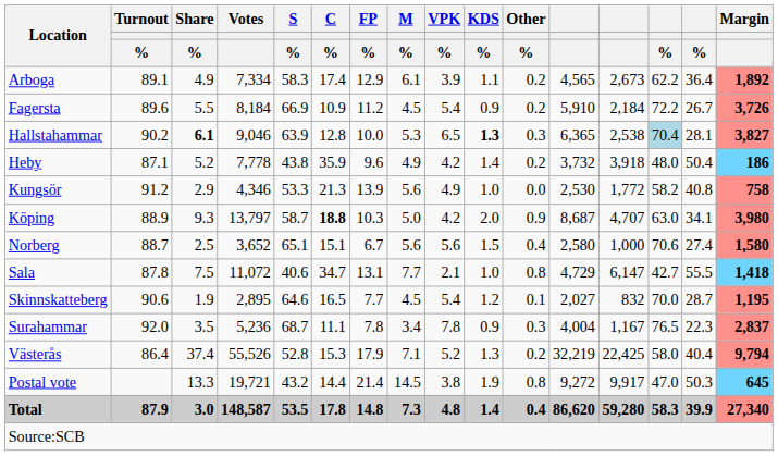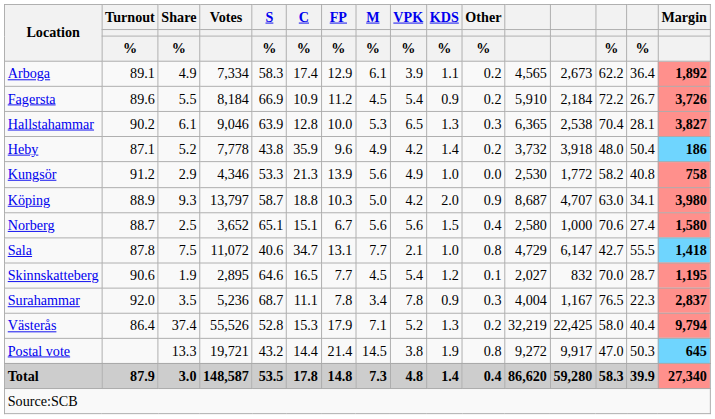 <table class="wikitable sortable" style="text-align:right; font-size:95%; line-height:20px;">
 <tr>
 <th rowspan="3">Location</th>
 <th>Turnout</th>
 <th>Share</th>
 <th>Votes</th>
 <th width="30px" class="unsortable"><a href='#'>S</a></th>
 <th width="30px" class="unsortable"><a href='#'>C</a></th>
 <th width="30px" class="unsortable"><a href='#'>FP</a></th>
 <th width="30px" class="unsortable"><a href='#'>M</a></th>
 <th width="30px" class="unsortable"><a href='#'>VPK</a></th>
 <th width="30px" class="unsortable"><a href='#'>KDS</a></th>
 <th width="30px" class="unsortable">Other</th>
 <th></th>
 <th></th>
 <th></th>
 <th></th>
 <th>Margin</th>
 </tr>
 <tr>
 <th></th>
 <th></th>
 <th></th>
 <th style="background:"></th>
 <th style="background:"></th>
 <th style="background:"></th>
 <th style="background:"></th>
 <th style="background:"></th>
 <th style="background:"></th>
 <th style="background:"></th>
 <th style="background:"></th>
 <th style="background:"></th>
 <th style="background:"></th>
 <th style="background:"></th>
 <th></th>
 </tr>
 <tr>
 <th data-sort-type="number">%</th>
 <th data-sort-type="number">%</th>
 <th></th>
 <th data-sort-type="number">%</th>
 <th data-sort-type="number">%</th>
 <th data-sort-type="number">%</th>
 <th data-sort-type="number">%</th>
 <th data-sort-type="number">%</th>
 <th data-sort-type="number">%</th>
 <th data-sort-type="number">%</th>
 <th data-sort-type="number"></th>
 <th data-sort-type="number"></th>
 <th data-sort-type="number">%</th>
 <th data-sort-type="number">%</th>
 <th data-sort-type="number"></th>
 </tr>
 <tr>
 <td align=left><a href='#'>Arboga</a></td>
 <td>89.1</td>
 <td>4.9</td>
 <td>7,334</td>
 <td>58.3</td>
 <td>17.4</td>
 <td>12.9</td>
 <td>6.1</td>
 <td>3.9</td>
 <td>1.1</td>
 <td>0.2</td>
 <td>4,565</td>
 <td>2,673</td>
 <td>62.2</td>
 <td>36.4</td>
 <td bgcolor=#ff908c><strong>1,892</strong></td>
 </tr>
 <tr>
 <td align=left><a href='#'>Fagersta</a></td>
 <td>89.6</td>
 <td>5.5</td>
 <td>8,184</td>
 <td>66.9</td>
 <td>10.9</td>
 <td>11.2</td>
 <td>4.5</td>
 <td>5.4</td>
 <td>0.9</td>
 <td>0.2</td>
 <td>5,910</td>
 <td>2,184</td>
 <td>72.2</td>
 <td>26.7</td>
 <td bgcolor=#ff908c><strong>3,726</strong></td>
 </tr>
 <tr>
 <td align=left><a href='#'>Hallstahammar</a></td>
 <td>90.2</td>
-<td><strong>6.1</strong></td>
+<td>6.1</td>
 <td>9,046</td>
 <td>63.9</td>
 <td>12.8</td>
 <td>10.0</td>
 <td>5.3</td>
 <td>6.5</td>
-<td><strong>1.3</strong></td>
+<td>1.3</td>
 <td>0.3</td>
 <td>6,365</td>
 <td>2,538</td>
-<td style="background: lightblue;">70.4</td>
+<td>70.4</td>
 <td>28.1</td>
 <td bgcolor=#ff908c><strong>3,827</strong></td>
 </tr>
 <tr>
 <td align=left><a href='#'>Heby</a></td>
 <td>87.1</td>
 <td>5.2</td>
 <td>7,778</td>
 <td>43.8</td>
 <td>35.9</td>
 <td>9.6</td>
 <td>4.9</td>
 <td>4.2</td>
 <td>1.4</td>
 <td>0.2</td>
 <td>3,732</td>
 <td>3,918</td>
 <td>48.0</td>
 <td>50.4</td>
 <td bgcolor=#6fd5fe><strong>186</strong></td>
 </tr>
 <tr>
 <td align=left><a href='#'>Kungsör</a></td>
 <td>91.2</td>
 <td>2.9</td>
 <td>4,346</td>
 <td>53.3</td>
 <td>21.3</td>
 <td>13.9</td>
 <td>5.6</td>
 <td>4.9</td>
 <td>1.0</td>
 <td>0.0</td>
 <td>2,530</td>
 <td>1,772</td>
 <td>58.2</td>
 <td>40.8</td>
 <td bgcolor=#ff908c><strong>758</strong></td>
 </tr>
 <tr>
 <td align=left><a href='#'>Köping</a></td>
 <td>88.9</td>
 <td>9.3</td>
 <td>13,797</td>
 <td>58.7</td>
-<td><strong>18.8</strong></td>
+<td>18.8</td>
 <td>10.3</td>
 <td>5.0</td>
 <td>4.2</td>
 <td>2.0</td>
 <td>0.9</td>
 <td>8,687</td>
 <td>4,707</td>
 <td>63.0</td>
 <td>34.1</td>
 <td bgcolor=#ff908c><strong>3,980</strong></td>
 </tr>
 <tr>
 <td align=left><a href='#'>Norberg</a></td>
 <td>88.7</td>
 <td>2.5</td>
 <td>3,652</td>
 <td>65.1</td>
 <td>15.1</td>
 <td>6.7</td>
 <td>5.6</td>
 <td>5.6</td>
 <td>1.5</td>
 <td>0.4</td>
 <td>2,580</td>
 <td>1,000</td>
 <td>70.6</td>
 <td>27.4</td>
 <td bgcolor=#ff908c><strong>1,580</strong></td>
 </tr>
 <tr>
 <td align=left><a href='#'>Sala</a></td>
 <td>87.8</td>
 <td>7.5</td>
 <td>11,072</td>
 <td>40.6</td>
 <td>34.7</td>
 <td>13.1</td>
 <td>7.7</td>
 <td>2.1</td>
 <td>1.0</td>
 <td>0.8</td>
 <td>4,729</td>
 <td>6,147</td>
 <td>42.7</td>
 <td>55.5</td>
 <td bgcolor=#6fd5fe><strong>1,418</strong></td>
 </tr>
 <tr>
 <td align=left><a href='#'>Skinnskatteberg</a></td>
 <td>90.6</td>
 <td>1.9</td>
 <td>2,895</td>
 <td>64.6</td>
 <td>16.5</td>
 <td>7.7</td>
 <td>4.5</td>
 <td>5.4</td>
 <td>1.2</td>
 <td>0.1</td>
 <td>2,027</td>
 <td>832</td>
 <td>70.0</td>
 <td>28.7</td>
 <td bgcolor=#ff908c><strong>1,195</strong></td>
 </tr>
 <tr>
 <td align=left><a href='#'>Surahammar</a></td>
 <td>92.0</td>
 <td>3.5</td>
 <td>5,236</td>
 <td>68.7</td>
 <td>11.1</td>
 <td>7.8</td>
 <td>3.4</td>
 <td>7.8</td>
 <td>0.9</td>
 <td>0.3</td>
 <td>4,004</td>
 <td>1,167</td>
 <td>76.5</td>
 <td>22.3</td>
 <td bgcolor=#ff908c><strong>2,837</strong></td>
 </tr>
 <tr>
 <td align=left><a href='#'>Västerås</a></td>
 <td>86.4</td>
 <td>37.4</td>
 <td>55,526</td>
 <td>52.8</td>
 <td>15.3</td>
 <td>17.9</td>
 <td>7.1</td>
 <td>5.2</td>
 <td>1.3</td>
 <td>0.2</td>
 <td>32,219</td>
 <td>22,425</td>
 <td>58.0</td>
 <td>40.4</td>
 <td bgcolor=#ff908c><strong>9,794</strong></td>
 </tr>
 <tr>
 <td align=left><a href='#'>Postal vote</a></td>
 <td></td>
 <td>13.3</td>
 <td>19,721</td>
 <td>43.2</td>
 <td>14.4</td>
 <td>21.4</td>
 <td>14.5</td>
 <td>3.8</td>
 <td>1.9</td>
 <td>0.8</td>
 <td>9,272</td>
 <td>9,917</td>
 <td>47.0</td>
 <td>50.3</td>
 <td bgcolor=#6fd5fe><strong>645</strong></td>
 </tr>
 <tr>
 </tr>
 <tr style="background:#CDCDCD;">
 <td align=left><strong>Total</strong></td>
 <td><strong>87.9</strong></td>
 <td><strong>3.0</strong></td>
 <td><strong>148,587</strong></td>
 <td><strong>53.5</strong></td>
 <td><strong>17.8</strong></td>
 <td><strong>14.8</strong></td>
 <td><strong>7.3</strong></td>
 <td><strong>4.8</strong></td>
 <td><strong>1.4</strong></td>
 <td><strong>0.4</strong></td>
 <td><strong>86,620</strong></td>
 <td><strong>59,280</strong></td>
 <td><strong>58.3</strong></td>
 <td><strong>39.9</strong></td>
 <td bgcolor=#ff908c><strong>27,340</strong></td>
 </tr>
 <tr>
 <td align=left colspan=16>Source:SCB </td>
 </tr>
 </table>
